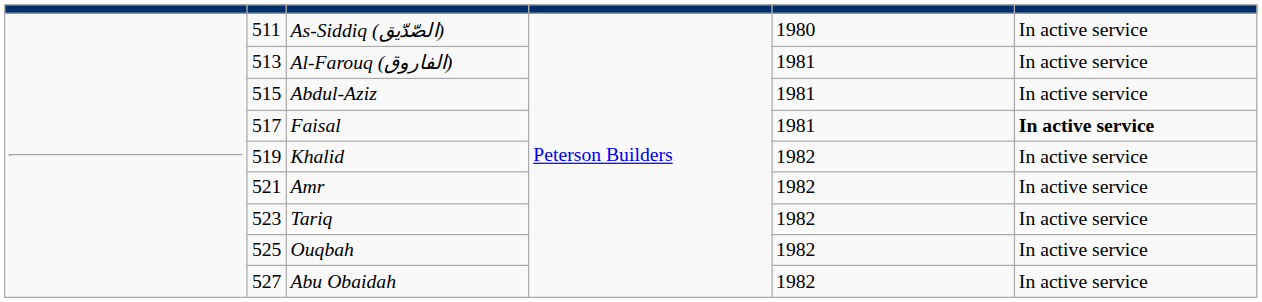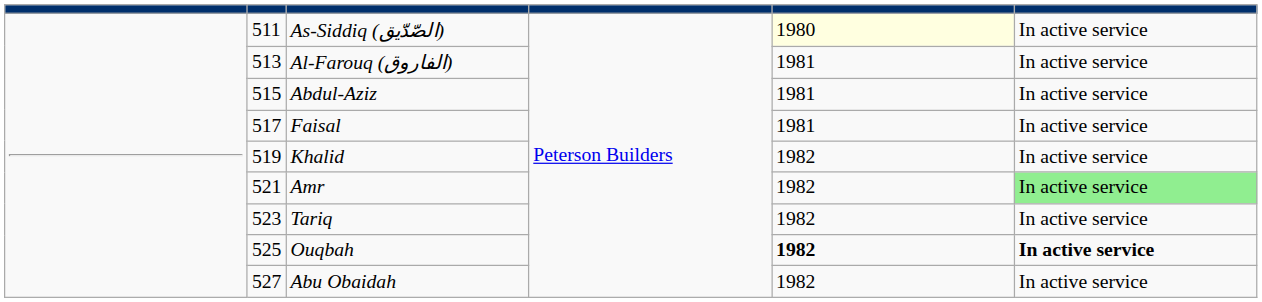 <table class="wikitable">
 <tr>
 <th style="background:#002F6C" width="190"></th>
 <th style="background:#002F6C"></th>
 <th style="background:#002F6C" width="190"></th>
 <th style="background:#002F6C" width="190"></th>
 <th style="background:#002F6C" width="190"></th>
 <th style="background:#002F6C" width="190"></th>
 </tr>
 <tr>
 <td rowspan="9"><hr></td>
 <td>511</td>
 <td><em>As-Siddiq (الصّدّيق)</em></td>
 <td rowspan="9"><a href='#'>Peterson Builders</a></td>
-<td>1980</td>
+<td style="background: lightyellow;">1980</td>
 <td>In active service</td>
 </tr>
 <tr>
 <td>513</td>
 <td><em>Al-Farouq (الفاروق)</em></td>
 <td>1981</td>
 <td>In active service</td>
 </tr>
 <tr>
 <td>515</td>
 <td><em>Abdul-Aziz</em></td>
 <td>1981</td>
 <td>In active service</td>
 </tr>
 <tr>
 <td>517</td>
 <td><em>Faisal</em></td>
 <td>1981</td>
-<td><strong>In active service</strong></td>
+<td>In active service</td>
 </tr>
 <tr>
 <td>519</td>
 <td><em>Khalid</em></td>
 <td>1982</td>
 <td>In active service</td>
 </tr>
 <tr>
 <td>521</td>
 <td><em>Amr</em></td>
 <td>1982</td>
-<td>In active service</td>
+<td style="background: lightgreen;">In active service</td>
 </tr>
 <tr>
 <td>523</td>
 <td><em>Tariq</em></td>
 <td>1982</td>
 <td>In active service</td>
 </tr>
 <tr>
 <td>525</td>
 <td><em>Ouqbah</em></td>
-<td>1982</td>
-<td>In active service</td>
+<td><strong>1982</strong></td>
+<td><strong>In active service</strong></td>
 </tr>
 <tr>
 <td>527</td>
 <td><em>Abu Obaidah</em></td>
 <td>1982</td>
 <td>In active service</td>
 </tr>
 </table>
